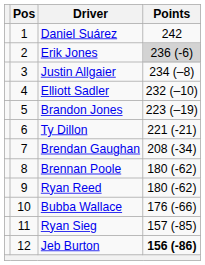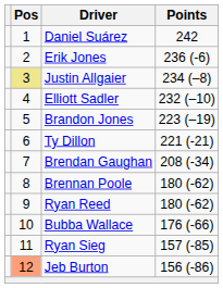 <table class="wikitable" style="font-size: 95%;">
 <tr>
 <th></th>
 <th>Pos</th>
 <th>Driver</th>
 <th>Points</th>
 </tr>
 <tr>
 <td align="left"></td>
 <td style="text-align:center;">1</td>
 <td><a href='#'>Daniel Suárez</a></td>
 <td style="text-align:center;">242</td>
 </tr>
 <tr>
 <td align="left"></td>
 <td style="text-align:center;">2</td>
 <td><a href='#'>Erik Jones</a></td>
-<td style="background: lightgrey; text-align:center;">236 (-6)</td>
+<td style="text-align:center;">236 (-6)</td>
 </tr>
 <tr>
 <td align="left"></td>
-<td style="text-align:center;">3</td>
+<td style="background: khaki; text-align:center;">3</td>
 <td><a href='#'>Justin Allgaier</a></td>
 <td style="text-align:center;">234 (–8)</td>
 </tr>
 <tr>
 <td align="left"></td>
 <td style="text-align:center;">4</td>
 <td><a href='#'>Elliott Sadler</a></td>
 <td style="text-align:center;">232 (–10)</td>
 </tr>
 <tr>
 <td align="left"></td>
 <td style="text-align:center;">5</td>
 <td><a href='#'>Brandon Jones</a></td>
 <td style="text-align:center;">223 (–19)</td>
 </tr>
 <tr>
 <td align="left"></td>
 <td style="text-align:center;">6</td>
 <td><a href='#'>Ty Dillon</a></td>
 <td style="text-align:center;">221 (-21)</td>
 </tr>
 <tr>
 <td align="left"></td>
 <td style="text-align:center;">7</td>
 <td><a href='#'>Brendan Gaughan</a></td>
 <td style="text-align:center;">208 (-34)</td>
 </tr>
 <tr>
 <td align="left"></td>
 <td style="text-align:center;">8</td>
 <td><a href='#'>Brennan Poole</a></td>
 <td style="text-align:center;">180 (-62)</td>
 </tr>
 <tr>
 <td align="left"></td>
 <td style="text-align:center;">9</td>
 <td><a href='#'>Ryan Reed</a></td>
 <td style="text-align:center;">180 (-62)</td>
 </tr>
 <tr>
 <td align="left"></td>
 <td style="text-align:center;">10</td>
 <td><a href='#'>Bubba Wallace</a></td>
 <td style="text-align:center;">176 (-66)</td>
 </tr>
 <tr>
 <td align="left"></td>
 <td style="text-align:center;">11</td>
 <td><a href='#'>Ryan Sieg</a></td>
 <td style="text-align:center;">157 (-85)</td>
 </tr>
 <tr>
 <td align="left"></td>
-<td style="text-align:center;">12</td>
+<td style="background: lightsalmon; text-align:center;">12</td>
 <td><a href='#'>Jeb Burton</a></td>
-<td style="text-align:center;"><strong>156 (-86)</strong></td>
+<td style="text-align:center;">156 (-86)</td>
 </tr>
 <tr class="sortbottom">
 <th colspan="9"></th>
 </tr>
 </table>
